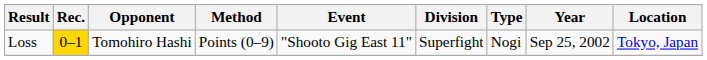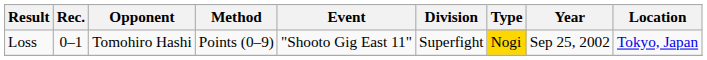 <table class="wikitable sortable" style="font-size:90%; text-align:left;">
 <tr>
 <th>Result</th>
 <th>Rec.</th>
 <th>Opponent</th>
 <th>Method</th>
 <th>Event</th>
 <th>Division</th>
 <th>Type</th>
 <th>Year</th>
 <th>Location</th>
 </tr>
 <tr>
 <td>Loss</td>
-<td style="background: gold; text-align:center;">0–1</td>
+<td style="text-align:center;">0–1</td>
 <td> Tomohiro Hashi</td>
 <td>Points (0–9)</td>
 <td>"Shooto Gig East 11"</td>
 <td>Superfight</td>
-<td>Nogi</td>
+<td style="background: gold;">Nogi</td>
 <td>Sep 25, 2002</td>
 <td><a href='#'>Tokyo, Japan</a></td>
 </tr>
 <tr>
 </tr>
 </table>
